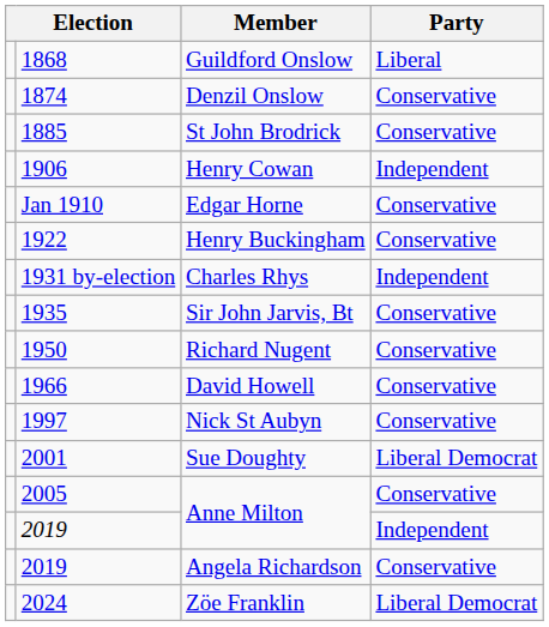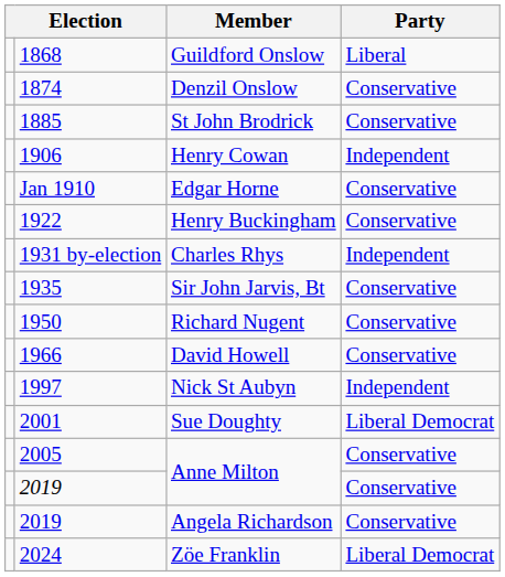 <table class="wikitable">
 <tr>
 <th colspan="2">Election</th>
 <th>Member</th>
 <th>Party</th>
 </tr>
 <tr>
 <td style="color:inherit;background-color: "></td>
 <td><a href='#'>1868</a></td>
 <td><a href='#'>Guildford Onslow</a></td>
 <td><a href='#'>Liberal</a></td>
 </tr>
 <tr>
 <td style="color:inherit;background-color: "></td>
 <td><a href='#'>1874</a></td>
 <td><a href='#'>Denzil Onslow</a></td>
 <td><a href='#'>Conservative</a></td>
 </tr>
 <tr>
 <td style="color:inherit;background-color: "></td>
 <td><a href='#'>1885</a></td>
 <td><a href='#'>St John Brodrick</a></td>
 <td><a href='#'>Conservative</a></td>
 </tr>
 <tr>
 <td style="color:inherit;background-color: "></td>
 <td><a href='#'>1906</a></td>
 <td><a href='#'>Henry Cowan</a></td>
 <td><a href='#'>Independent</a></td>
 </tr>
 <tr>
 <td style="color:inherit;background-color: "></td>
 <td><a href='#'>Jan 1910</a></td>
 <td><a href='#'>Edgar Horne</a></td>
 <td><a href='#'>Conservative</a></td>
 </tr>
 <tr>
 <td style="color:inherit;background-color: "></td>
 <td><a href='#'>1922</a></td>
 <td><a href='#'>Henry Buckingham</a></td>
 <td><a href='#'>Conservative</a></td>
 </tr>
 <tr>
 <td style="color:inherit;background-color: "></td>
 <td><a href='#'>1931 by-election</a></td>
 <td><a href='#'>Charles Rhys</a></td>
 <td><a href='#'>Independent</a></td>
 </tr>
 <tr>
 <td style="color:inherit;background-color: "></td>
 <td><a href='#'>1935</a></td>
 <td><a href='#'>Sir John Jarvis, Bt</a></td>
 <td><a href='#'>Conservative</a></td>
 </tr>
 <tr>
 <td style="color:inherit;background-color: "></td>
 <td><a href='#'>1950</a></td>
 <td><a href='#'>Richard Nugent</a></td>
 <td><a href='#'>Conservative</a></td>
 </tr>
 <tr>
 <td style="color:inherit;background-color: "></td>
 <td><a href='#'>1966</a></td>
 <td><a href='#'>David Howell</a></td>
 <td><a href='#'>Conservative</a></td>
 </tr>
 <tr>
 <td style="color:inherit;background-color: "></td>
 <td><a href='#'>1997</a></td>
 <td><a href='#'>Nick St Aubyn</a></td>
-<td><a href='#'>Conservative</a></td>
+<td><a href='#'>Independent</a></td>
 </tr>
 <tr>
 <td style="color:inherit;background-color: "></td>
 <td><a href='#'>2001</a></td>
 <td><a href='#'>Sue Doughty</a></td>
 <td><a href='#'>Liberal Democrat</a></td>
 </tr>
 <tr>
 <td style="color:inherit;background-color: "></td>
 <td><a href='#'>2005</a></td>
 <td rowspan="2"><a href='#'>Anne Milton</a></td>
 <td><a href='#'>Conservative</a></td>
 </tr>
 <tr>
 <td style="color:inherit;background-color: "></td>
 <td><em>2019</em></td>
-<td><a href='#'>Independent</a></td>
+<td><a href='#'>Conservative</a></td>
 </tr>
 <tr>
 <td style="color:inherit;background-color: "></td>
 <td><a href='#'>2019</a></td>
 <td><a href='#'>Angela Richardson</a></td>
 <td><a href='#'>Conservative</a></td>
 </tr>
 <tr>
 <td style="color:inherit;background-color: "></td>
 <td><a href='#'>2024</a></td>
 <td><a href='#'>Zöe Franklin</a></td>
 <td><a href='#'>Liberal Democrat</a></td>
 </tr>
 </table>
